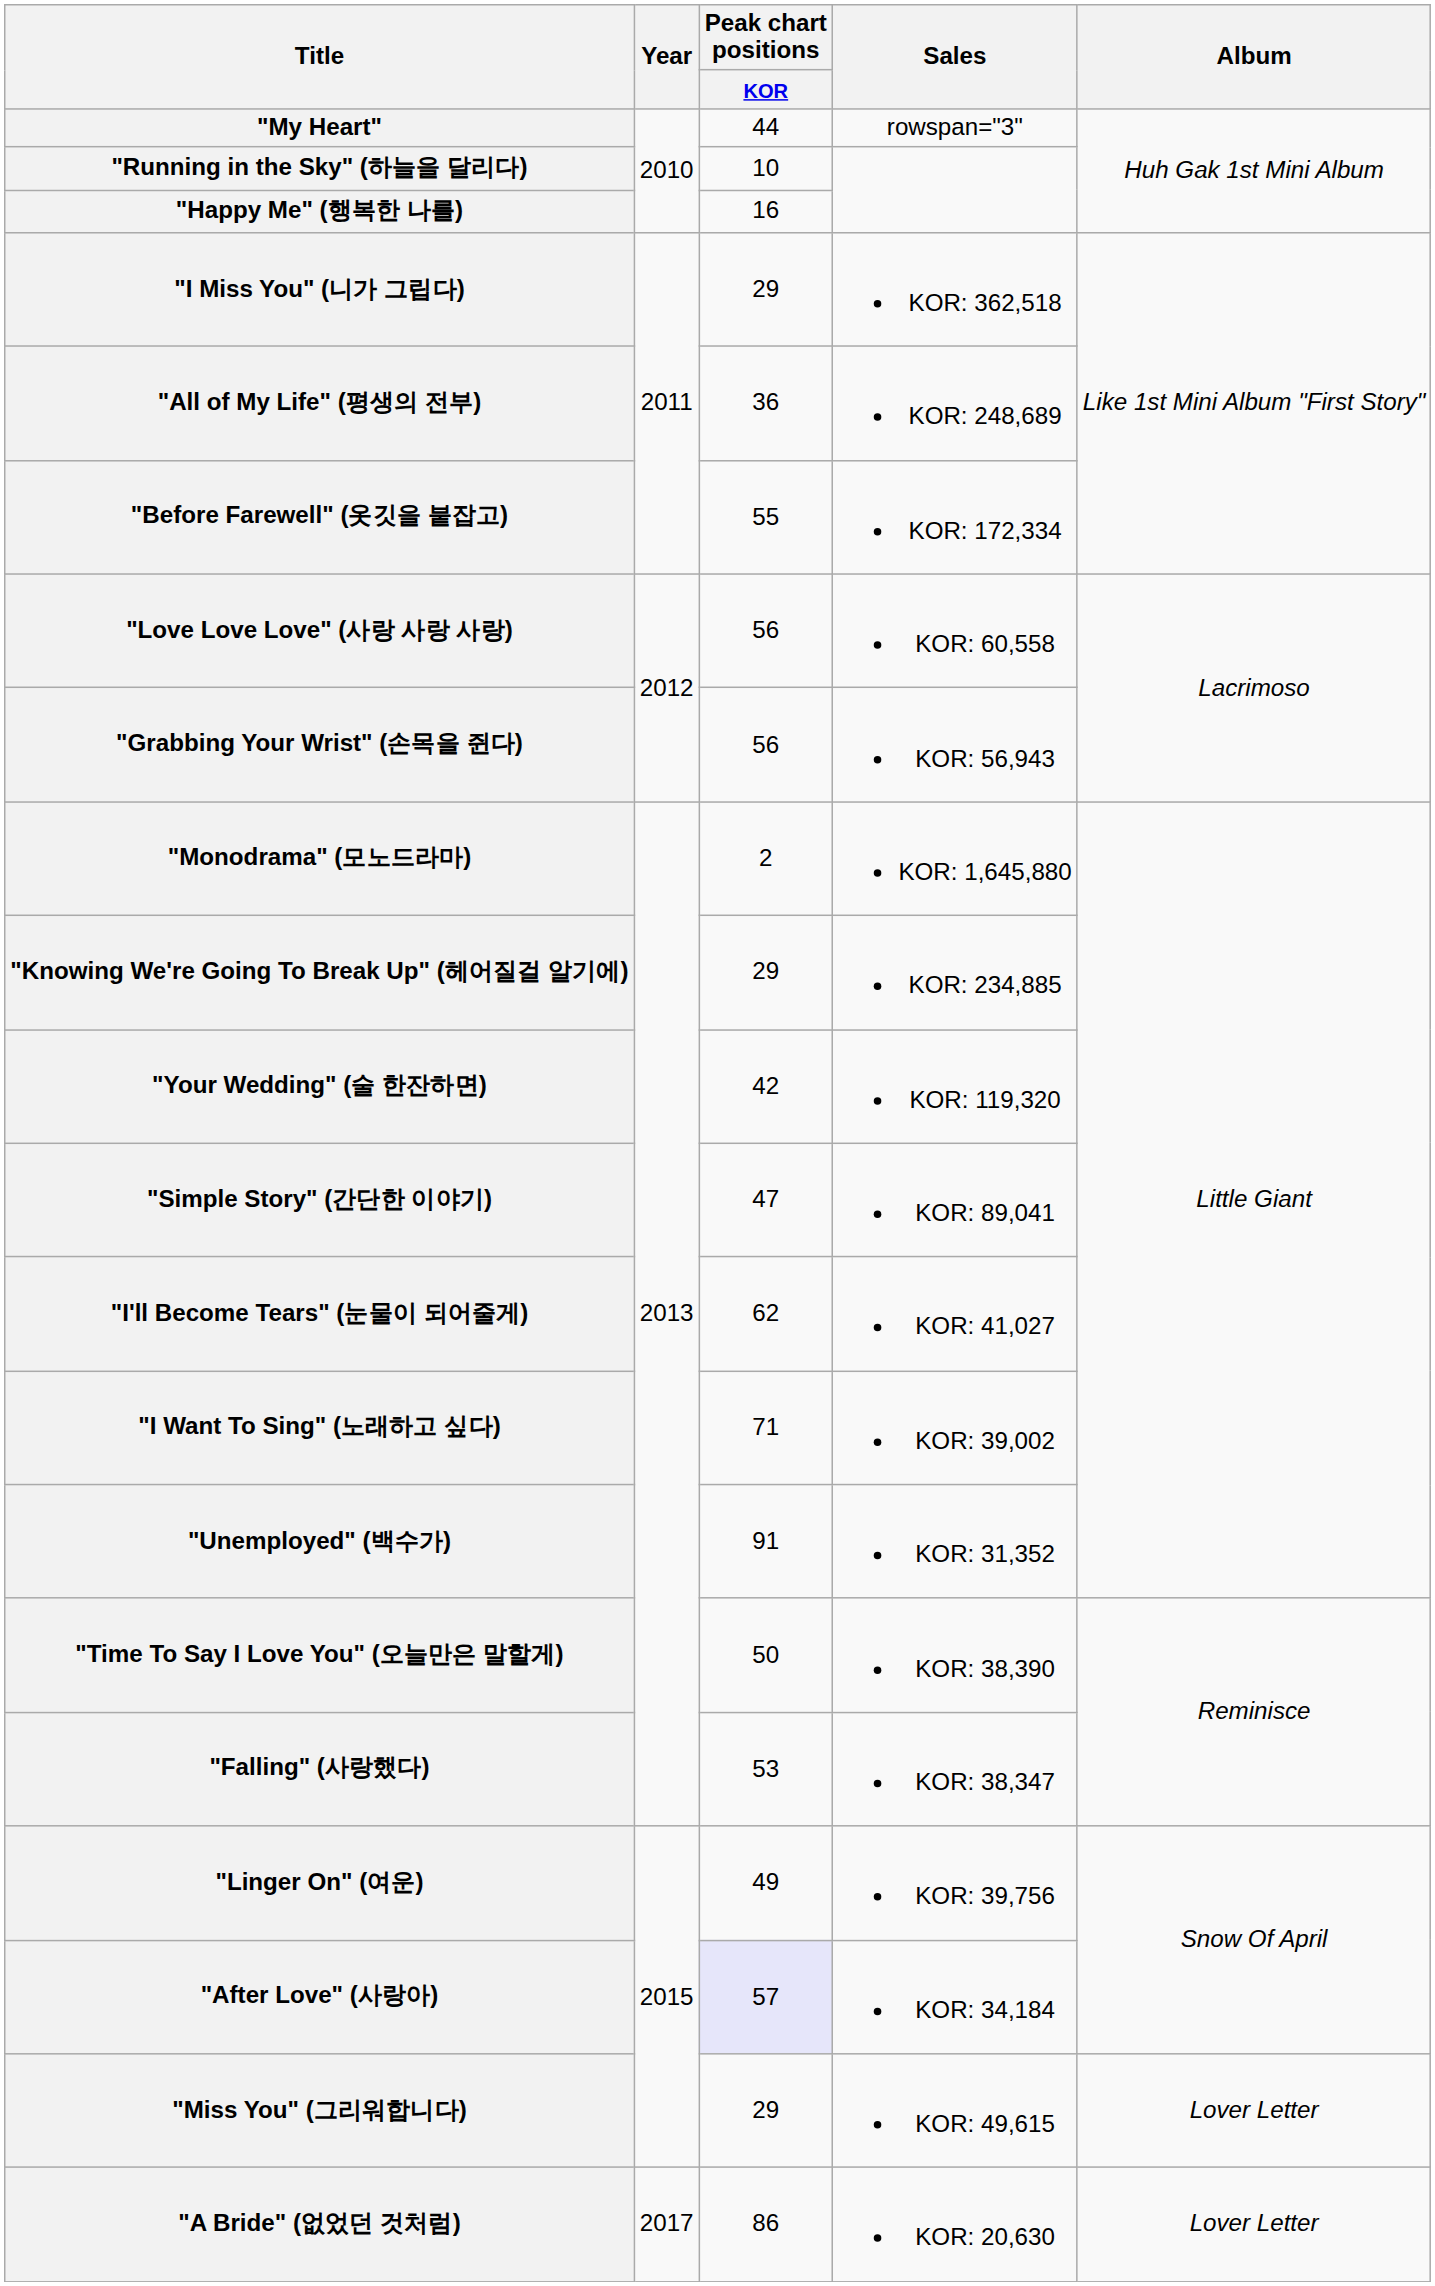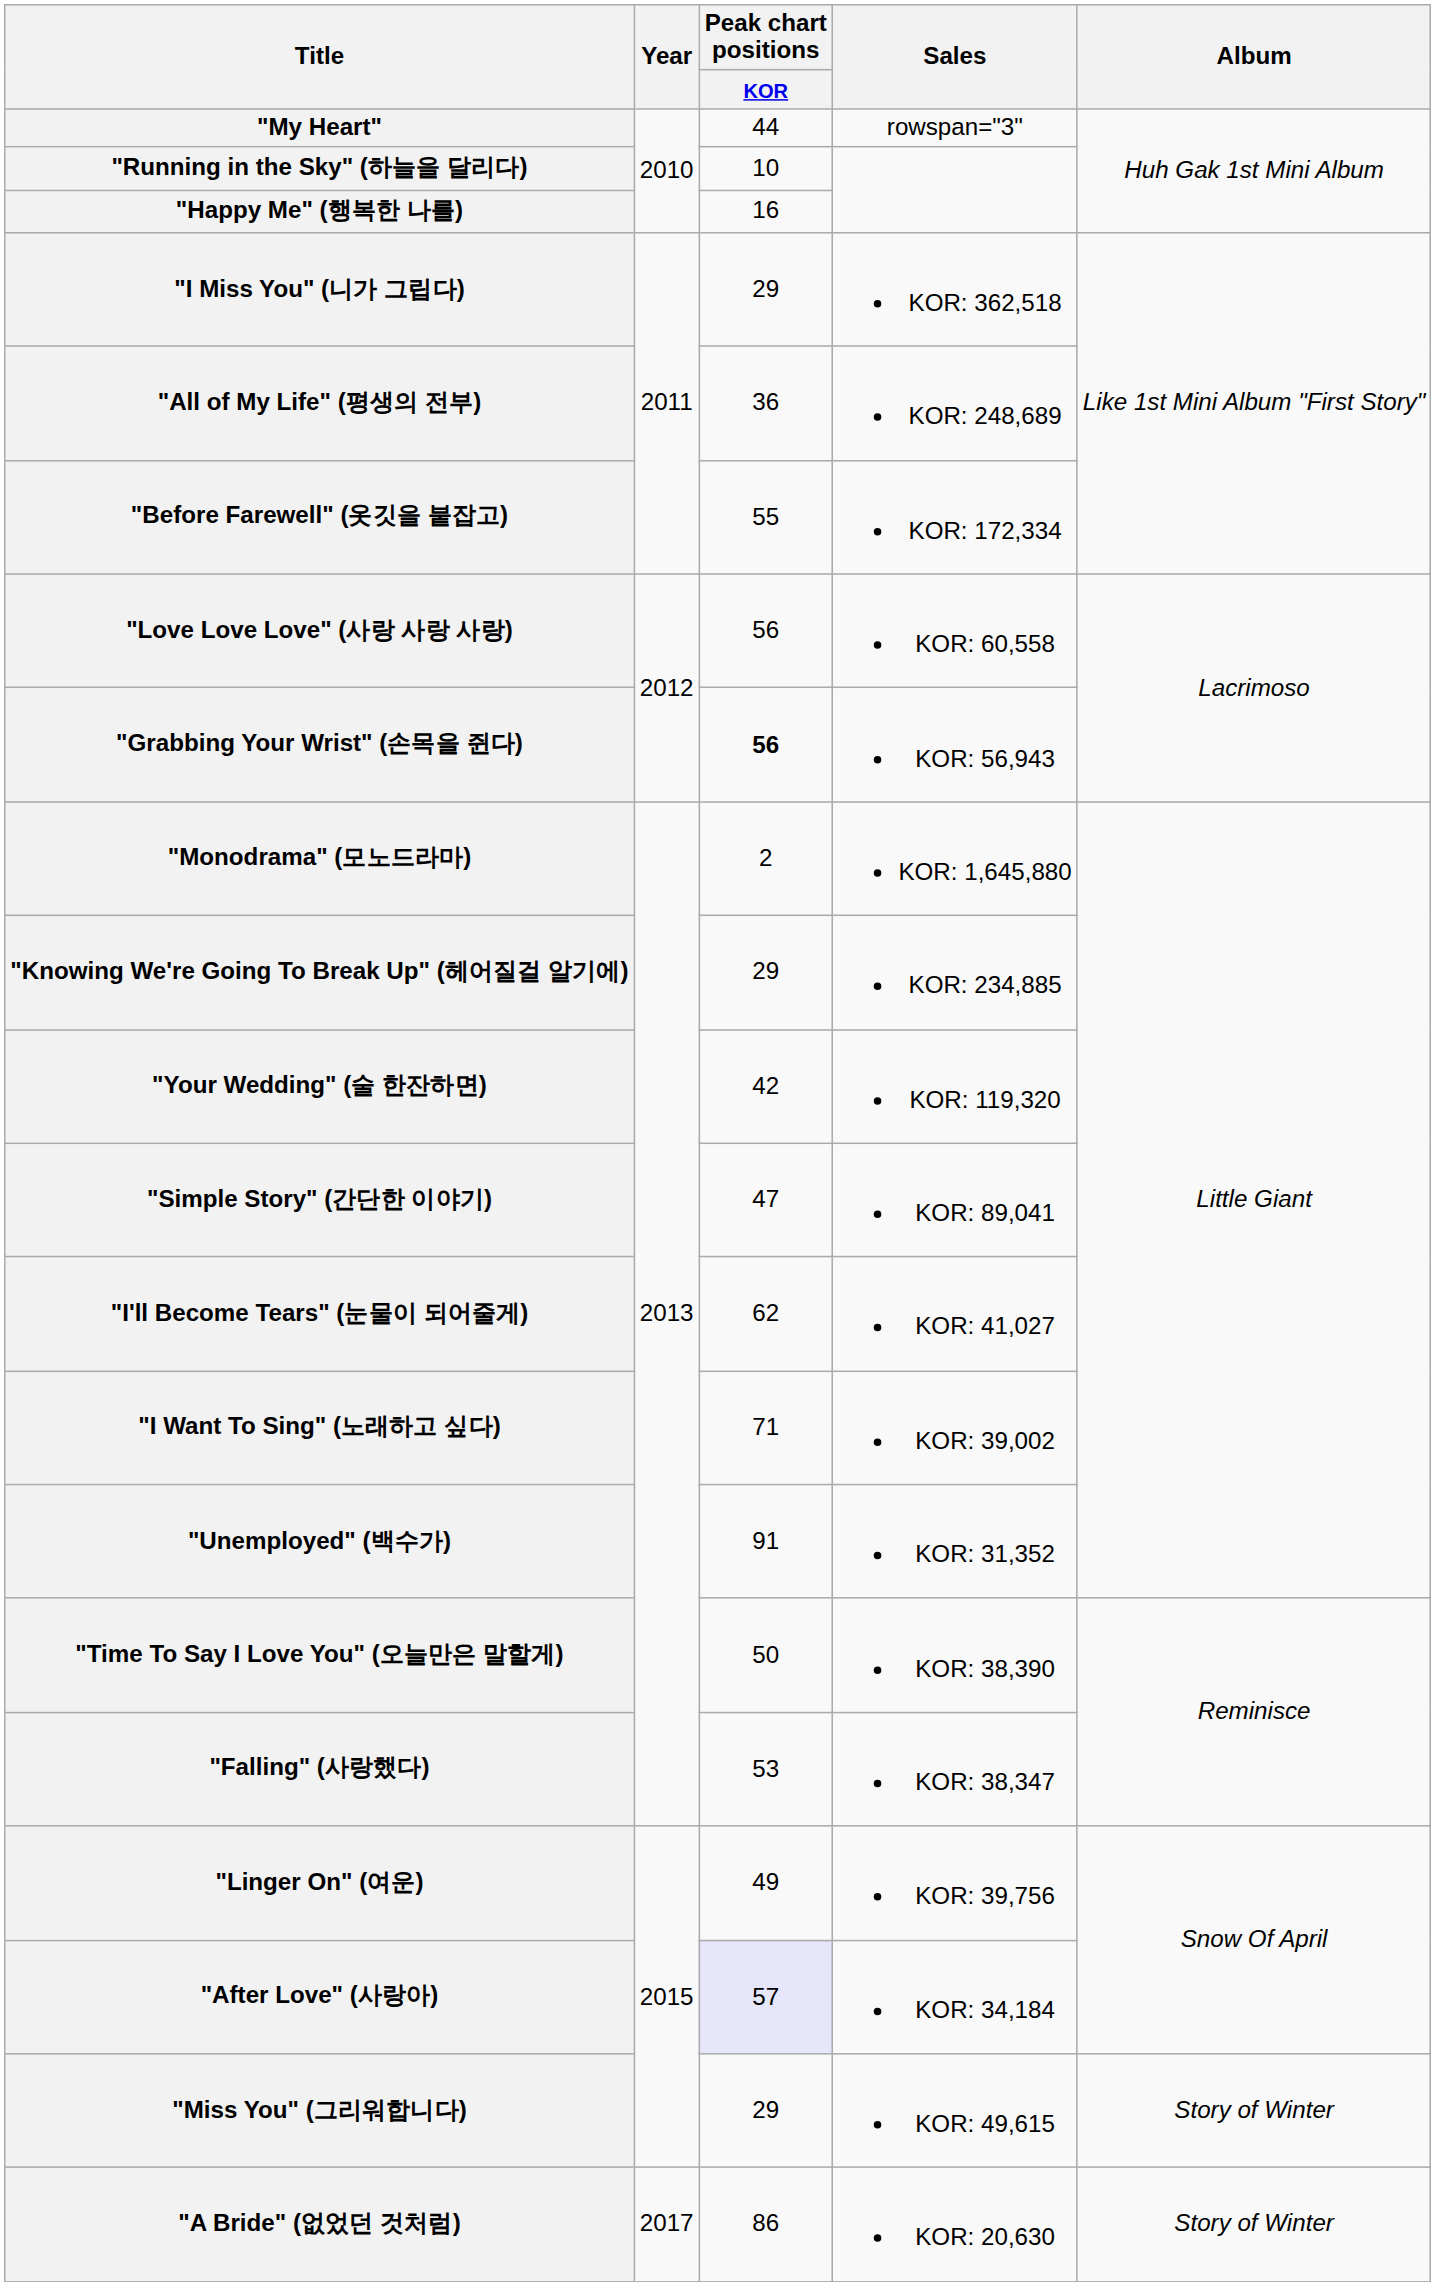 <table class="wikitable plainrowheaders" style="text-align:center;" border="1">
 <tr>
 <th scope="col" rowspan="2">Title</th>
 <th scope="col" rowspan="2">Year</th>
 <th scope="col" colspan="1">Peak chart <br> positions</th>
 <th scope="col" rowspan="2">Sales</th>
 <th scope="col" rowspan="2">Album</th>
 </tr>
 <tr>
 <th><small><a href='#'>KOR</a></small><br></th>
 </tr>
 <tr>
 <th scope="row">"My Heart"</th>
 <td rowspan="3">2010</td>
 <td>44</td>
 <td>rowspan="3" </td>
 <td rowspan="3"><em>Huh Gak 1st Mini Album</em></td>
 </tr>
 <tr>
 <th scope="row">"Running in the Sky" (하늘을 달리다)</th>
 <td>10</td>
 </tr>
 <tr>
 <th scope="row">"Happy Me" (행복한 나를)<br></th>
 <td>16</td>
 </tr>
 <tr>
 <th scope="row">"I Miss You" (니가 그립다)</th>
 <td rowspan="3">2011</td>
 <td>29</td>
 <td><br><ul><li>KOR: 362,518</li></ul></td>
 <td rowspan="3"><em>Like 1st Mini Album "First Story"</em></td>
 </tr>
 <tr>
 <th scope="row">"All of My Life" (평생의 전부)</th>
 <td>36</td>
 <td><br><ul><li>KOR: 248,689</li></ul></td>
 </tr>
 <tr>
 <th scope="row">"Before Farewell" (옷깃을 붙잡고)<br></th>
 <td>55</td>
 <td><br><ul><li>KOR: 172,334</li></ul></td>
 </tr>
 <tr>
 <th scope="row">"Love Love Love" (사랑 사랑 사랑)</th>
 <td rowspan="2">2012</td>
 <td>56</td>
 <td><br><ul><li>KOR: 60,558</li></ul></td>
 <td rowspan="2"><em>Lacrimoso</em></td>
 </tr>
 <tr>
 <th scope="row">"Grabbing Your Wrist" (손목을 쥔다)</th>
-<td>56</td>
+<td><strong>56</strong></td>
 <td><br><ul><li>KOR: 56,943</li></ul></td>
 </tr>
 <tr>
 <th scope="row">"Monodrama" (모노드라마)<br></th>
 <td rowspan="9">2013</td>
 <td>2</td>
 <td><br><ul><li>KOR: 1,645,880</li></ul></td>
 <td rowspan="7"><em>Little Giant</em></td>
 </tr>
 <tr>
 <th scope="row">"Knowing We're Going To Break Up" (헤어질걸 알기에)<br></th>
 <td>29</td>
 <td><br><ul><li>KOR: 234,885</li></ul></td>
 </tr>
 <tr>
 <th scope="row">"Your Wedding" (술 한잔하면)</th>
 <td>42</td>
 <td><br><ul><li>KOR: 119,320</li></ul></td>
 </tr>
 <tr>
 <th scope="row">"Simple Story" (간단한 이야기)<br></th>
 <td>47</td>
 <td><br><ul><li>KOR: 89,041</li></ul></td>
 </tr>
 <tr>
 <th scope="row">"I'll Become Tears" (눈물이 되어줄게)</th>
 <td>62</td>
 <td><br><ul><li>KOR: 41,027</li></ul></td>
 </tr>
 <tr>
 <th scope="row">"I Want To Sing" (노래하고 싶다)</th>
 <td>71</td>
 <td><br><ul><li>KOR: 39,002</li></ul></td>
 </tr>
 <tr>
 <th scope="row">"Unemployed" (백수가)</th>
 <td>91</td>
 <td><br><ul><li>KOR: 31,352</li></ul></td>
 </tr>
 <tr>
 <th scope="row">"Time To Say I Love You" (오늘만은 말할게)</th>
 <td>50</td>
 <td><br><ul><li>KOR: 38,390</li></ul></td>
 <td rowspan="2"><em>Reminisce</em></td>
 </tr>
 <tr>
 <th scope="row">"Falling" (사랑했다)</th>
 <td>53</td>
 <td><br><ul><li>KOR: 38,347</li></ul></td>
 </tr>
 <tr>
 <th scope="row">"Linger On" (여운)</th>
 <td rowspan="3">2015</td>
 <td>49</td>
 <td><br><ul><li>KOR: 39,756</li></ul></td>
 <td rowspan="2"><em>Snow Of April</em></td>
 </tr>
 <tr>
 <th scope="row">"After Love" (사랑아)</th>
 <td style="background: lavender;">57</td>
 <td><br><ul><li>KOR: 34,184</li></ul></td>
 </tr>
 <tr>
 <th scope="row">"Miss You" (그리워합니다)</th>
 <td>29</td>
 <td><br><ul><li>KOR: 49,615</li></ul></td>
-<td><em>Lover Letter</em></td>
+<td><em>Story of Winter</em></td>
 </tr>
 <tr>
 <th scope="row">"A Bride" (없었던 것처럼)</th>
 <td>2017</td>
 <td>86</td>
 <td><br><ul><li>KOR: 20,630</li></ul></td>
-<td><em>Lover Letter</em></td>
+<td><em>Story of Winter</em></td>
 </tr>
 </table>
